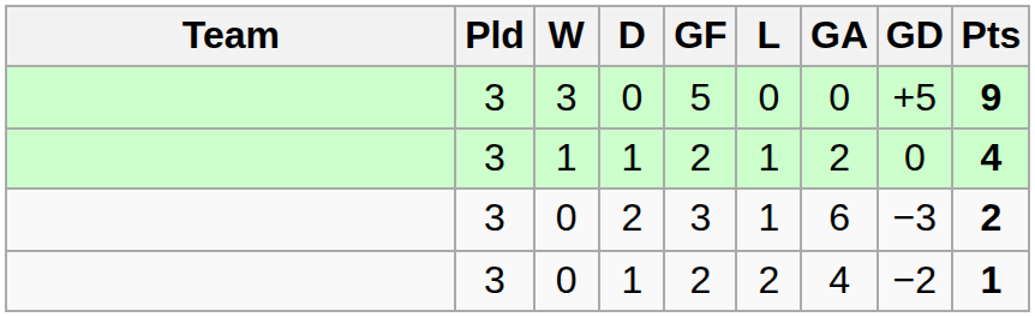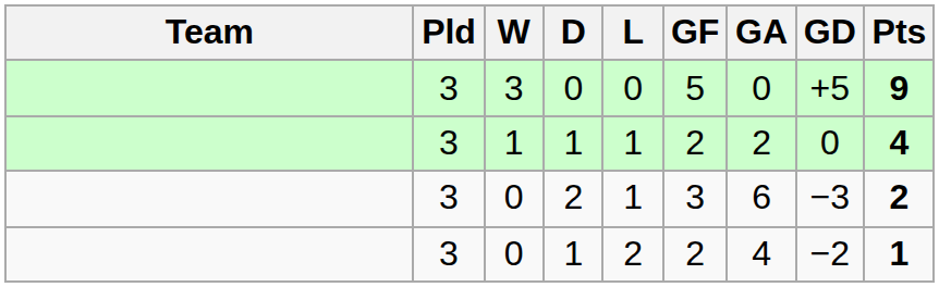 <table class="wikitable" style="text-align:center;">
 <tr>
 <th width=180>Team</th>
 <th width=20>Pld</th>
 <th width=20>W</th>
 <th width=20>D</th>
+<th width=20>L</th>
 <th width=20>GF</th>
-<th width=20>L</th>
 <th width=20>GA</th>
 <th width=20>GD</th>
 <th width=20>Pts</th>
 </tr>
 <tr bgcolor="#ccffcc">
 <td align="left"></td>
 <td>3</td>
 <td>3</td>
 <td>0</td>
+<td>0</td>
 <td>5</td>
-<td>0</td>
 <td>0</td>
 <td>+5</td>
 <td><strong>9</strong></td>
 </tr>
 <tr bgcolor="#ccffcc">
 <td align="left"></td>
 <td>3</td>
 <td>1</td>
 <td>1</td>
+<td>1</td>
 <td>2</td>
-<td>1</td>
 <td>2</td>
 <td>0</td>
 <td><strong>4</strong></td>
 </tr>
 <tr>
 <td align="left"></td>
 <td>3</td>
 <td>0</td>
 <td>2</td>
+<td>1</td>
 <td>3</td>
-<td>1</td>
 <td>6</td>
 <td>−3</td>
 <td><strong>2</strong></td>
 </tr>
 <tr>
 <td align="left"></td>
 <td>3</td>
 <td>0</td>
 <td>1</td>
 <td>2</td>
 <td>2</td>
 <td>4</td>
 <td>−2</td>
 <td><strong>1</strong></td>
 </tr>
 </table>
